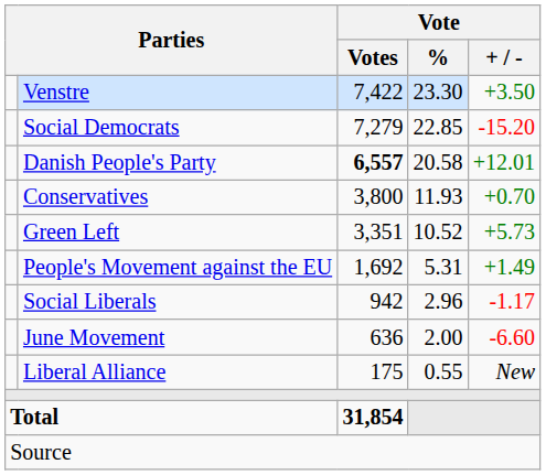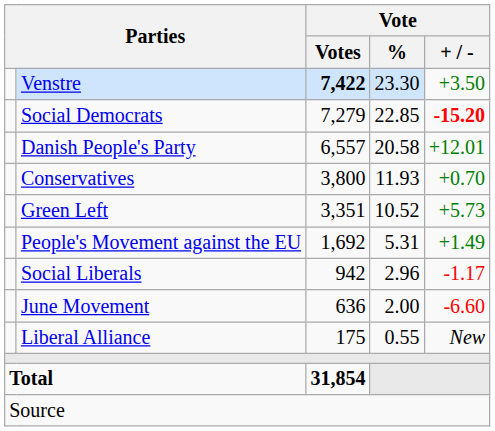 <table class="wikitable" style="text-align:right;">
 <tr>
 <th style="text-align:centre;" rowspan="2" colspan="2" width="225">Parties</th>
 <th colspan="3">Vote</th>
 </tr>
 <tr>
 <th width="15">Votes</th>
 <th width="15">%</th>
 <th width="15">+ / -</th>
 </tr>
 <tr>
 <td width="2" style="color:inherit;background:"></td>
 <td bgcolor=#cfe5fe   align="left"><a href='#'>Venstre</a></td>
-<td bgcolor=#cfe5fe>7,422</td>
+<td bgcolor=#cfe5fe><strong>7,422</strong></td>
 <td bgcolor=#cfe5fe>23.30</td>
 <td style=color:green;>+3.50</td>
 </tr>
 <tr>
 <td width="2" style="color:inherit;background:"></td>
 <td align="left"><a href='#'>Social Democrats</a></td>
 <td>7,279</td>
 <td>22.85</td>
-<td style=color:red;>-15.20</td>
+<td style=color:red;><strong>-15.20</strong></td>
 </tr>
 <tr>
 <td width="2" style="color:inherit;background:"></td>
 <td align="left"><a href='#'>Danish People's Party</a></td>
-<td><strong>6,557</strong></td>
+<td>6,557</td>
 <td>20.58</td>
 <td style=color:green;>+12.01</td>
 </tr>
 <tr>
 <td width="2" style="color:inherit;background:"></td>
 <td align="left"><a href='#'>Conservatives</a></td>
 <td>3,800</td>
 <td>11.93</td>
 <td style=color:green;>+0.70</td>
 </tr>
 <tr>
 <td width="2" style="color:inherit;background:"></td>
 <td align="left"><a href='#'>Green Left</a></td>
 <td>3,351</td>
 <td>10.52</td>
 <td style=color:green;>+5.73</td>
 </tr>
 <tr>
 <td width="2" style="color:inherit;background:"></td>
 <td align="left"><a href='#'>People's Movement against the EU</a></td>
 <td>1,692</td>
 <td>5.31</td>
 <td style=color:green;>+1.49</td>
 </tr>
 <tr>
 <td width="2" style="color:inherit;background:"></td>
 <td align="left"><a href='#'>Social Liberals</a></td>
 <td>942</td>
 <td>2.96</td>
 <td style=color:red;>-1.17</td>
 </tr>
 <tr>
 <td width="2" style="color:inherit;background:"></td>
 <td align="left"><a href='#'>June Movement</a></td>
 <td>636</td>
 <td>2.00</td>
 <td style=color:red;>-6.60</td>
 </tr>
 <tr>
 <td width="2" style="color:inherit;background:"></td>
 <td align="left"><a href='#'>Liberal Alliance</a></td>
 <td>175</td>
 <td>0.55</td>
 <td><em>New</em></td>
 </tr>
 <tr>
 <td colspan="7" bgcolor="#E9E9E9"></td>
 </tr>
 <tr>
 <td align="left" colspan="2"><strong>Total</strong></td>
 <td><strong>31,854</strong></td>
 <td bgcolor="#E9E9E9" colspan="2"></td>
 </tr>
 <tr>
 <td align="left" colspan="6">Source</td>
 </tr>
 </table>
